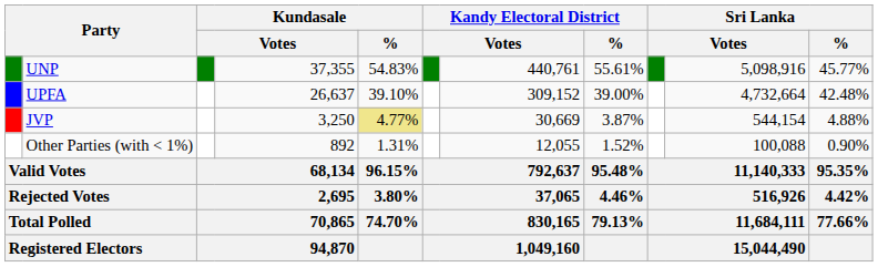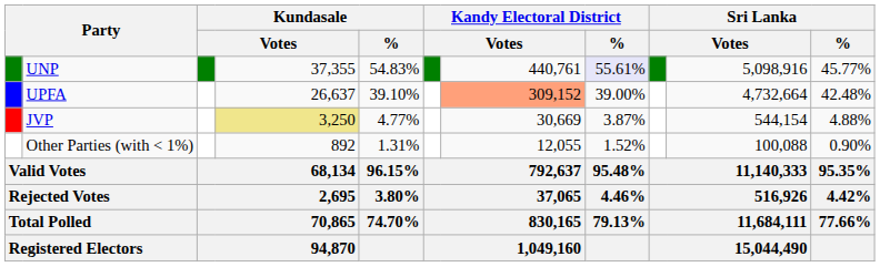 <table class="wikitable">
 <tr>
 <th colspan="2" width="144px"rowspan="2">Party</th>
 <th colspan="3" width="216px">Kundasale</th>
 <th colspan="3" width="216px"><a href='#'>Kandy Electoral District</a></th>
 <th colspan="3" width="216px">Sri Lanka</th>
 </tr>
 <tr>
 <th colspan="2" width="144px">Votes</th>
 <th>%</th>
 <th colspan="2" width="144px">Votes</th>
 <th>%</th>
 <th colspan="2" width="144px">Votes</th>
 <th>%</th>
 </tr>
 <tr>
 <td style="background-color:green;" width="10px"></td>
 <td style="text-align:left;"><a href='#'>UNP</a></td>
 <td style="background-color:green;" width="10px"></td>
 <td style="text-align:right;">37,355</td>
 <td style="text-align:right;">54.83%</td>
 <td style="background-color:green;" width="10px"></td>
 <td style="text-align:right;">440,761</td>
-<td style="text-align:right;">55.61%</td>
+<td style="background: lavender; text-align:right;">55.61%</td>
 <td style="background-color:green;" width="10px"></td>
 <td style="text-align:right;">5,098,916</td>
 <td style="text-align:right;">45.77%</td>
 </tr>
 <tr>
 <td style="background-color:blue;" width="10px"></td>
 <td style="text-align:left;"><a href='#'>UPFA</a></td>
 <td style="background-color:white;" width="10px"></td>
 <td style="text-align:right;">26,637</td>
 <td style="text-align:right;">39.10%</td>
 <td style="background-color:white;" width="10px"></td>
-<td style="text-align:right;">309,152</td>
+<td style="background: lightsalmon; text-align:right;">309,152</td>
 <td style="text-align:right;">39.00%</td>
 <td style="background-color:white;" width="10px"></td>
 <td style="text-align:right;">4,732,664</td>
 <td style="text-align:right;">42.48%</td>
 </tr>
 <tr>
 <td style="background-color:red;" width="10px"></td>
 <td style="text-align:left;"><a href='#'>JVP</a></td>
 <td style="background-color:white;" width="10px"></td>
-<td style="text-align:right;">3,250</td>
-<td style="background: khaki; text-align:right;">4.77%</td>
+<td style="background: khaki; text-align:right;">3,250</td>
+<td style="text-align:right;">4.77%</td>
 <td style="background-color:white;" width="10px"></td>
 <td style="text-align:right;">30,669</td>
 <td style="text-align:right;">3.87%</td>
 <td style="background-color:white;" width="10px"></td>
 <td style="text-align:right;">544,154</td>
 <td style="text-align:right;">4.88%</td>
 </tr>
 <tr>
 <td style="background-color:white;" width="10px"></td>
 <td style="text-align:left;">Other Parties (with < 1%)</td>
 <td style="background-color:white;" width="10px"></td>
 <td style="text-align:right;">892</td>
 <td style="text-align:right;">1.31%</td>
 <td style="background-color:white;" width="10px"></td>
 <td style="text-align:right;">12,055</td>
 <td style="text-align:right;">1.52%</td>
 <td style="background-color:white;" width="10px"></td>
 <td style="text-align:right;">100,088</td>
 <td style="text-align:right;">0.90%</td>
 </tr>
 <tr>
 <th colspan="2" width="144px"style="text-align:left;">Valid Votes</th>
 <th style="text-align:right;"colspan="2" width="144px">68,134</th>
 <th style="text-align:right;">96.15%</th>
 <th style="text-align:right;"colspan="2" width="144px">792,637</th>
 <th style="text-align:right;">95.48%</th>
 <th style="text-align:right;"colspan="2" width="144px">11,140,333</th>
 <th style="text-align:right;">95.35%</th>
 </tr>
 <tr>
 <th colspan="2" width="144px"style="text-align:left;">Rejected Votes</th>
 <th style="text-align:right;"colspan="2" width="144px">2,695</th>
 <th style="text-align:right;">3.80%</th>
 <th style="text-align:right;"colspan="2" width="144px">37,065</th>
 <th style="text-align:right;">4.46%</th>
 <th style="text-align:right;"colspan="2" width="144px">516,926</th>
 <th style="text-align:right;">4.42%</th>
 </tr>
 <tr>
 <th colspan="2" width="144px"style="text-align:left;">Total Polled</th>
 <th style="text-align:right;"colspan="2" width="144px">70,865</th>
 <th style="text-align:right;">74.70%</th>
 <th style="text-align:right;"colspan="2" width="144px">830,165</th>
 <th style="text-align:right;">79.13%</th>
 <th style="text-align:right;"colspan="2" width="144px">11,684,111</th>
 <th style="text-align:right;">77.66%</th>
 </tr>
 <tr>
 <th colspan="2" width="144px"style="text-align:left;">Registered Electors</th>
 <th style="text-align:right;"colspan="2" width="144px">94,870</th>
 <th></th>
 <th style="text-align:right;"colspan="2" width="144px">1,049,160</th>
 <th></th>
 <th style="text-align:right;"colspan="2" width="144px">15,044,490</th>
 <th></th>
 </tr>
 </table>
